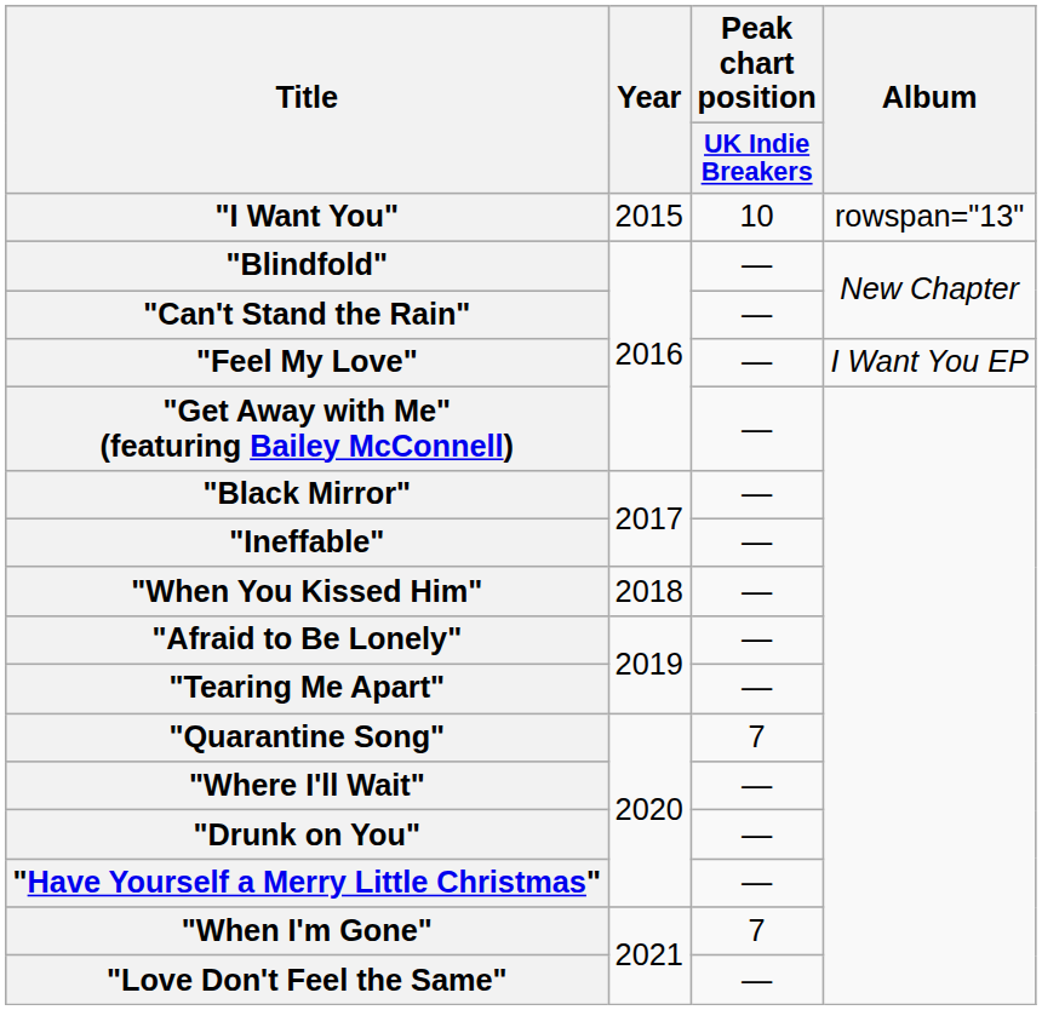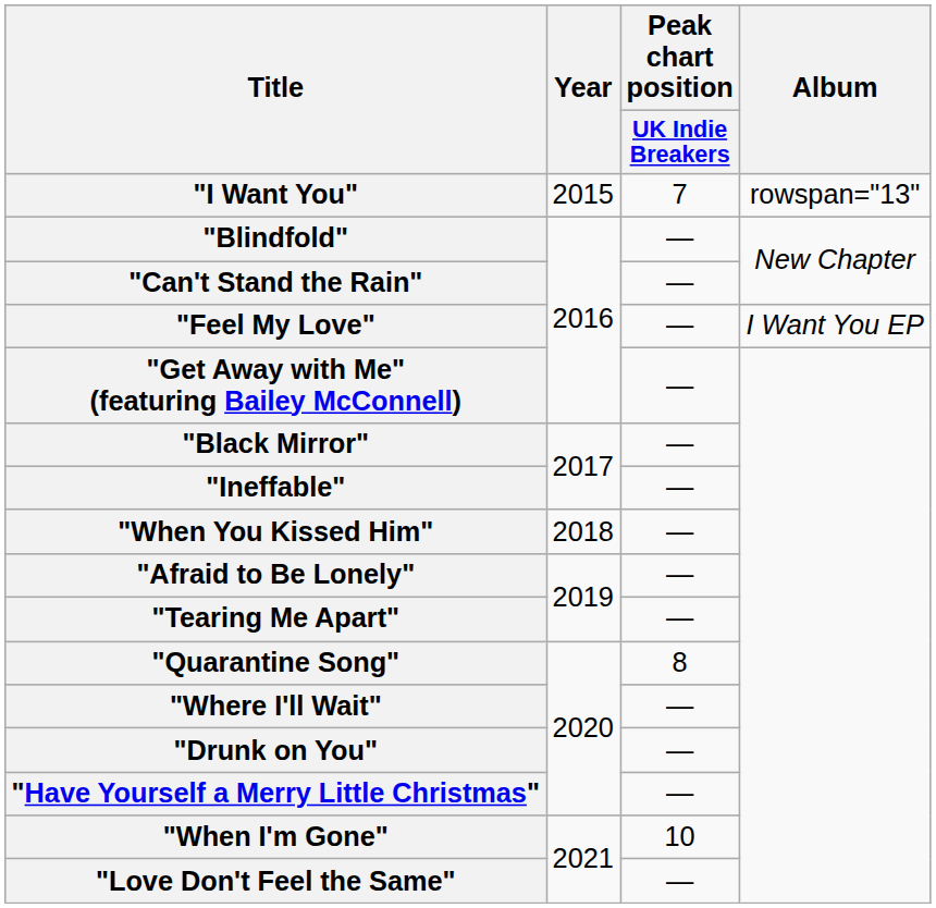 <table class="wikitable plainrowheaders" style="text-align:center;">
 <tr>
 <th scope="col" rowspan="2">Title</th>
 <th scope="col" rowspan="2">Year</th>
 <th scope="col" colspan="1">Peak chart position</th>
 <th scope="col" rowspan="2">Album</th>
 </tr>
 <tr>
 <th scope="col" style="width:3em;font-size:85%;"><a href='#'>UK Indie Breakers</a></th>
 </tr>
 <tr>
 <th scope="row">"I Want You"</th>
 <td>2015</td>
-<td>10</td>
+<td>7</td>
 <td>rowspan="13" </td>
 </tr>
 <tr>
 <th scope="row">"Blindfold"</th>
 <td rowspan="4">2016</td>
 <td>—</td>
 <td rowspan="2"><em>New Chapter</em></td>
 </tr>
 <tr>
 <th scope="row">"Can't Stand the Rain"</th>
 <td>—</td>
 </tr>
 <tr>
 <th scope="row">"Feel My Love"</th>
 <td>—</td>
 <td><em>I Want You EP</em></td>
 </tr>
 <tr>
 <th scope="row">"Get Away with Me" <br><span>(featuring <a href='#'>Bailey McConnell</a>)</span></th>
 <td>—</td>
 </tr>
 <tr>
 <th scope="row">"Black Mirror"</th>
 <td rowspan="2">2017</td>
 <td>—</td>
 </tr>
 <tr>
 <th scope="row">"Ineffable"</th>
 <td>—</td>
 </tr>
 <tr>
 <th scope="row">"When You Kissed Him"</th>
 <td>2018</td>
 <td>—</td>
 </tr>
 <tr>
 <th scope="row">"Afraid to Be Lonely"</th>
 <td rowspan="2">2019</td>
 <td>—</td>
 </tr>
 <tr>
 <th scope="row">"Tearing Me Apart"</th>
 <td>—</td>
 </tr>
 <tr>
 <th scope="row">"Quarantine Song"</th>
 <td rowspan="4">2020</td>
-<td>7</td>
+<td>8</td>
 </tr>
 <tr>
 <th scope="row">"Where I'll Wait"</th>
 <td>—</td>
 </tr>
 <tr>
 <th scope="row">"Drunk on You"</th>
 <td>—</td>
 </tr>
 <tr>
 <th scope="row">"<a href='#'>Have Yourself a Merry Little Christmas</a>" </th>
 <td>—</td>
 </tr>
 <tr>
 <th scope="row">"When I'm Gone"</th>
 <td rowspan="2">2021</td>
-<td>7</td>
+<td>10</td>
 </tr>
 <tr>
 <th scope="row">"Love Don't Feel the Same"</th>
 <td>—</td>
 </tr>
 </table>
